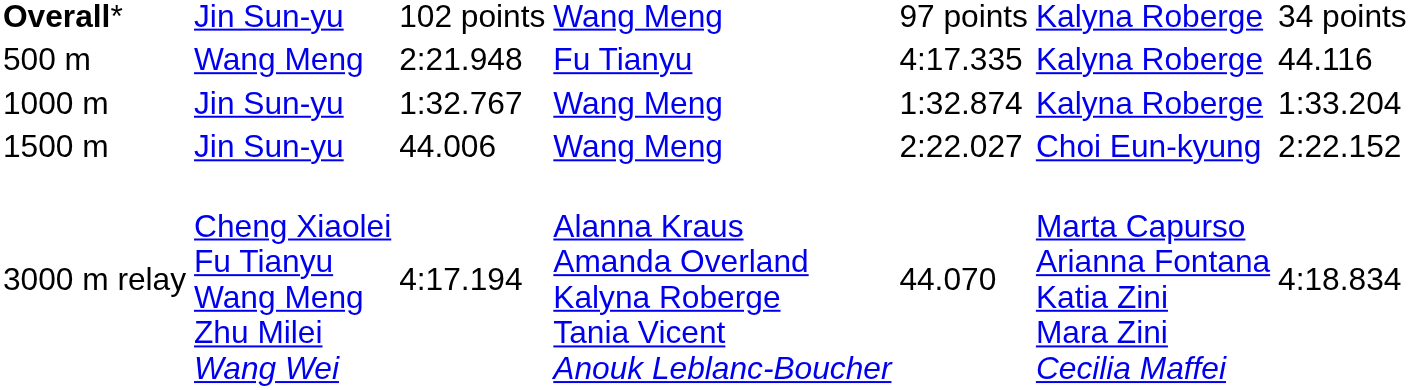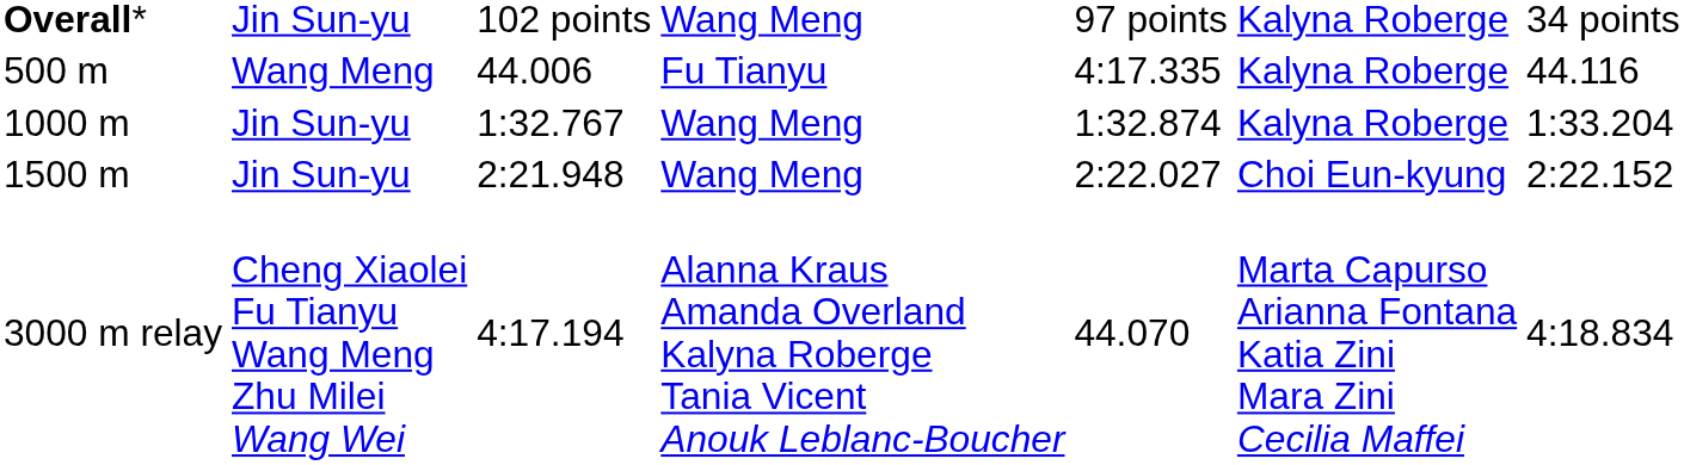 <table>
 <tr>
 <td><strong>Overall</strong>*</td>
 <td><a href='#'>Jin Sun-yu</a><br></td>
 <td>102 points</td>
 <td><a href='#'>Wang Meng</a><br></td>
 <td>97 points</td>
 <td><a href='#'>Kalyna Roberge</a><br></td>
 <td>34 points</td>
 </tr>
 <tr>
 <td>500 m</td>
 <td><a href='#'>Wang Meng</a><br></td>
-<td>2:21.948</td>
+<td>44.006</td>
 <td><a href='#'>Fu Tianyu</a><br></td>
 <td>4:17.335</td>
 <td><a href='#'>Kalyna Roberge</a><br></td>
 <td>44.116</td>
 </tr>
 <tr>
 <td>1000 m</td>
 <td><a href='#'>Jin Sun-yu</a><br></td>
 <td>1:32.767</td>
 <td><a href='#'>Wang Meng</a><br></td>
 <td>1:32.874</td>
 <td><a href='#'>Kalyna Roberge</a><br></td>
 <td>1:33.204</td>
 </tr>
 <tr>
 <td>1500 m</td>
 <td><a href='#'>Jin Sun-yu</a><br></td>
-<td>44.006</td>
+<td>2:21.948</td>
 <td><a href='#'>Wang Meng</a><br></td>
 <td>2:22.027</td>
 <td><a href='#'>Choi Eun-kyung</a><br></td>
 <td>2:22.152</td>
 </tr>
 <tr>
 <td>3000 m relay</td>
 <td><br><a href='#'>Cheng Xiaolei</a><br><a href='#'>Fu Tianyu</a><br><a href='#'>Wang Meng</a><br><a href='#'>Zhu Milei</a><br><em><a href='#'>Wang Wei</a></em></td>
 <td>4:17.194</td>
 <td><br><a href='#'>Alanna Kraus</a><br><a href='#'>Amanda Overland</a><br><a href='#'>Kalyna Roberge</a><br><a href='#'>Tania Vicent</a><br><em><a href='#'>Anouk Leblanc-Boucher</a></em></td>
 <td>44.070</td>
 <td><br><a href='#'>Marta Capurso</a><br><a href='#'>Arianna Fontana</a><br><a href='#'>Katia Zini</a><br><a href='#'>Mara Zini</a><br><em><a href='#'>Cecilia Maffei</a></em></td>
 <td>4:18.834</td>
 </tr>
 </table>
